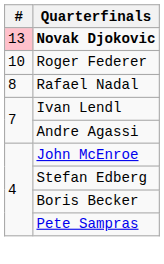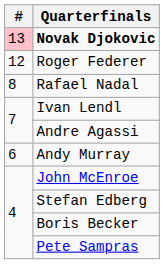 <table class="wikitable" style="display:inline-table;">
 <tr>
 <th width=20>#</th>
 <th>Quarterfinals</th>
 </tr>
 <tr>
 <td style="background: pink;">13</td>
 <td> <strong>Novak Djokovic</strong></td>
 </tr>
 <tr>
-<td>10</td>
+<td>12</td>
 <td> Roger Federer</td>
 </tr>
 <tr>
 <td>8</td>
 <td> Rafael Nadal</td>
 </tr>
 <tr>
 <td rowspan="2">7</td>
 <td> Ivan Lendl</td>
 </tr>
 <tr>
 <td> Andre Agassi</td>
+</tr>
+<tr>
+<td>6</td>
+<td> Andy Murray</td>
 </tr>
 <tr>
 <td rowspan="4">4</td>
 <td> <a href='#'>John McEnroe</a></td>
 </tr>
 <tr>
 <td> Stefan Edberg</td>
 </tr>
 <tr>
 <td> Boris Becker</td>
 </tr>
 <tr>
 <td> <a href='#'>Pete Sampras</a></td>
 </tr>
 </table>
